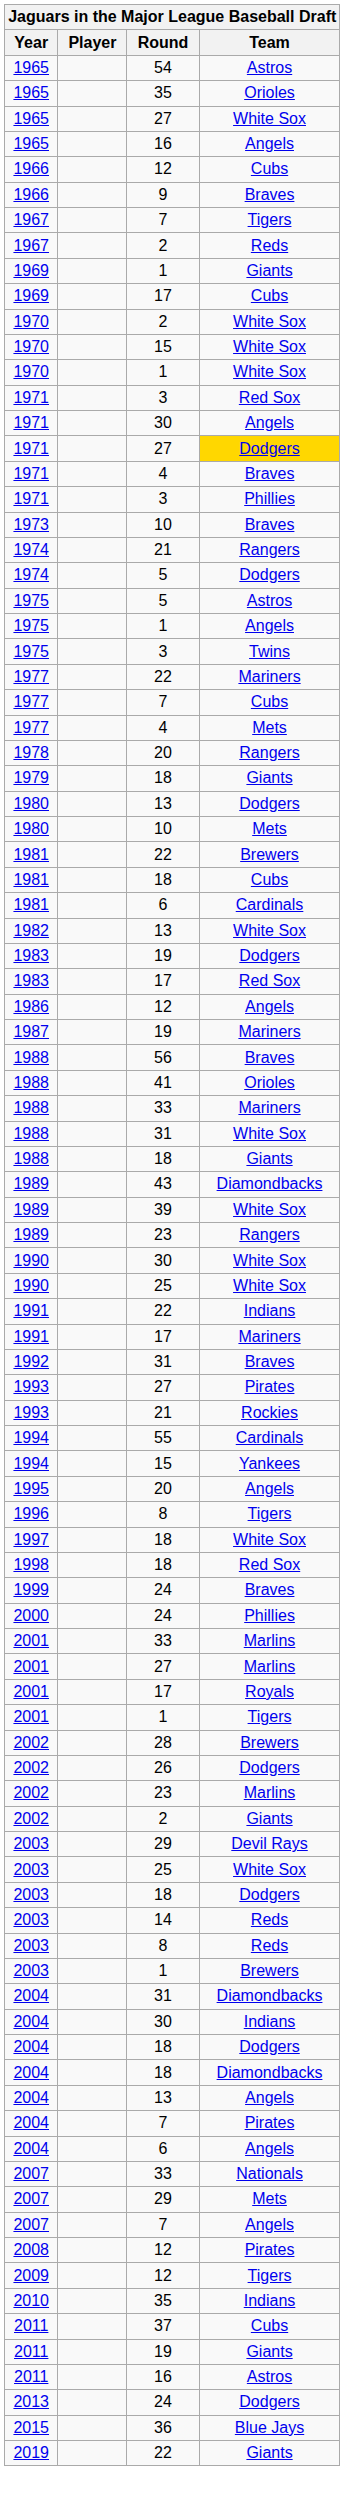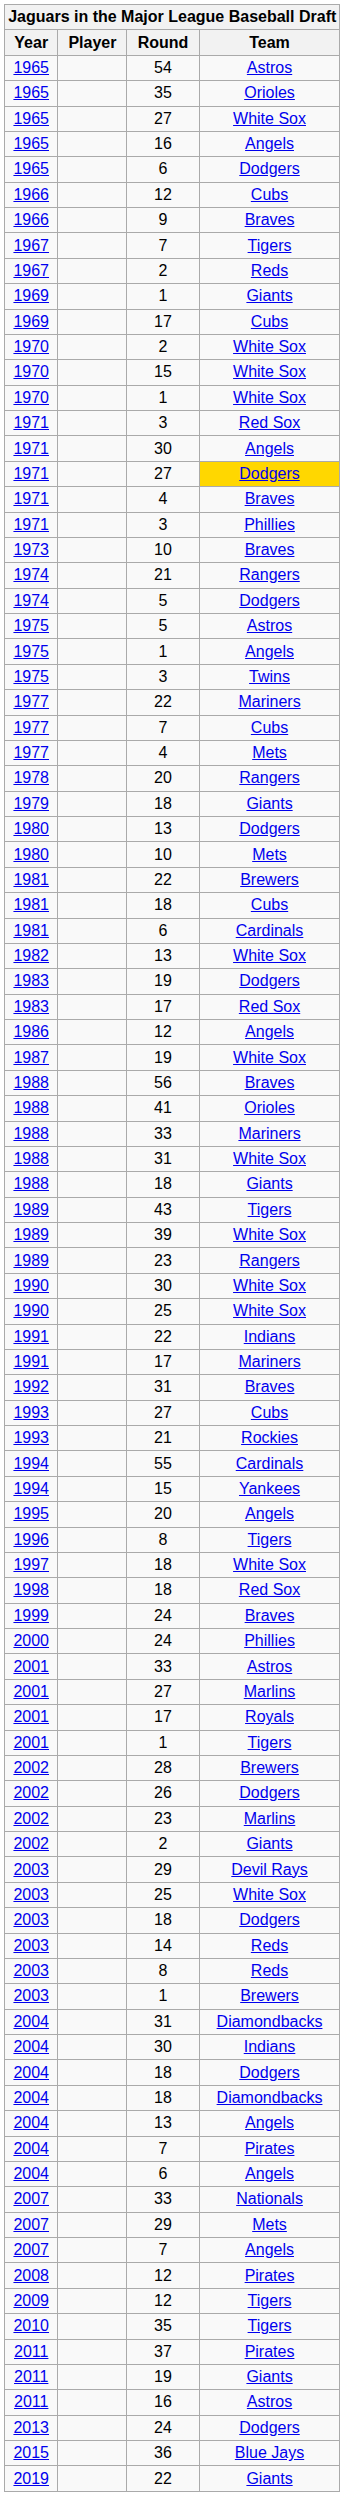 <table class="wikitable sortable collapsible collapsed" style="text-align:center">
 <tr>
 <th colspan=4>Jaguars in the Major League Baseball Draft</th>
 </tr>
 <tr>
 <th>Year</th>
 <th>Player</th>
 <th>Round</th>
 <th>Team</th>
 </tr>
 <tr>
 <td><a href='#'>1965</a></td>
 <td></td>
 <td>54</td>
 <td><a href='#'>Astros</a></td>
 </tr>
 <tr>
 <td><a href='#'>1965</a></td>
 <td></td>
 <td>35</td>
 <td><a href='#'>Orioles</a></td>
 </tr>
 <tr>
 <td><a href='#'>1965</a></td>
 <td></td>
 <td>27</td>
 <td><a href='#'>White Sox</a></td>
 </tr>
 <tr>
 <td><a href='#'>1965</a></td>
 <td></td>
 <td>16</td>
 <td><a href='#'>Angels</a></td>
+</tr>
+<tr>
+<td><a href='#'>1965</a></td>
+<td></td>
+<td>6</td>
+<td><a href='#'>Dodgers</a></td>
 </tr>
 <tr>
 <td><a href='#'>1966</a></td>
 <td></td>
 <td>12</td>
 <td><a href='#'>Cubs</a></td>
 </tr>
 <tr>
 <td><a href='#'>1966</a></td>
 <td></td>
 <td>9</td>
 <td><a href='#'>Braves</a></td>
 </tr>
 <tr>
 <td><a href='#'>1967</a></td>
 <td></td>
 <td>7</td>
 <td><a href='#'>Tigers</a></td>
 </tr>
 <tr>
 <td><a href='#'>1967</a></td>
 <td></td>
 <td>2</td>
 <td><a href='#'>Reds</a></td>
 </tr>
 <tr>
 <td><a href='#'>1969</a></td>
 <td></td>
 <td>1</td>
 <td><a href='#'>Giants</a></td>
 </tr>
 <tr>
 <td><a href='#'>1969</a></td>
 <td></td>
 <td>17</td>
 <td><a href='#'>Cubs</a></td>
 </tr>
 <tr>
 <td><a href='#'>1970</a></td>
 <td></td>
 <td>2</td>
 <td><a href='#'>White Sox</a></td>
 </tr>
 <tr>
 <td><a href='#'>1970</a></td>
 <td></td>
 <td>15</td>
 <td><a href='#'>White Sox</a></td>
 </tr>
 <tr>
 <td><a href='#'>1970</a></td>
 <td></td>
 <td>1</td>
 <td><a href='#'>White Sox</a></td>
 </tr>
 <tr>
 <td><a href='#'>1971</a></td>
 <td></td>
 <td>3</td>
 <td><a href='#'>Red Sox</a></td>
 </tr>
 <tr>
 <td><a href='#'>1971</a></td>
 <td></td>
 <td>30</td>
 <td><a href='#'>Angels</a></td>
 </tr>
 <tr>
 <td><a href='#'>1971</a></td>
 <td></td>
 <td>27</td>
 <td style="background: gold;"><a href='#'>Dodgers</a></td>
 </tr>
 <tr>
 <td><a href='#'>1971</a></td>
 <td></td>
 <td>4</td>
 <td><a href='#'>Braves</a></td>
 </tr>
 <tr>
 <td><a href='#'>1971</a></td>
 <td></td>
 <td>3</td>
 <td><a href='#'>Phillies</a></td>
 </tr>
 <tr>
 <td><a href='#'>1973</a></td>
 <td></td>
 <td>10</td>
 <td><a href='#'>Braves</a></td>
 </tr>
 <tr>
 <td><a href='#'>1974</a></td>
 <td></td>
 <td>21</td>
 <td><a href='#'>Rangers</a></td>
 </tr>
 <tr>
 <td><a href='#'>1974</a></td>
 <td></td>
 <td>5</td>
 <td><a href='#'>Dodgers</a></td>
 </tr>
 <tr>
 <td><a href='#'>1975</a></td>
 <td></td>
 <td>5</td>
 <td><a href='#'>Astros</a></td>
 </tr>
 <tr>
 <td><a href='#'>1975</a></td>
 <td></td>
 <td>1</td>
 <td><a href='#'>Angels</a></td>
 </tr>
 <tr>
 <td><a href='#'>1975</a></td>
 <td></td>
 <td>3</td>
 <td><a href='#'>Twins</a></td>
 </tr>
 <tr>
 <td><a href='#'>1977</a></td>
 <td></td>
 <td>22</td>
 <td><a href='#'>Mariners</a></td>
 </tr>
 <tr>
 <td><a href='#'>1977</a></td>
 <td></td>
 <td>7</td>
 <td><a href='#'>Cubs</a></td>
 </tr>
 <tr>
 <td><a href='#'>1977</a></td>
 <td></td>
 <td>4</td>
 <td><a href='#'>Mets</a></td>
 </tr>
 <tr>
 <td><a href='#'>1978</a></td>
 <td></td>
 <td>20</td>
 <td><a href='#'>Rangers</a></td>
 </tr>
 <tr>
 <td><a href='#'>1979</a></td>
 <td></td>
 <td>18</td>
 <td><a href='#'>Giants</a></td>
 </tr>
 <tr>
 <td><a href='#'>1980</a></td>
 <td></td>
 <td>13</td>
 <td><a href='#'>Dodgers</a></td>
 </tr>
 <tr>
 <td><a href='#'>1980</a></td>
 <td></td>
 <td>10</td>
 <td><a href='#'>Mets</a></td>
 </tr>
 <tr>
 <td><a href='#'>1981</a></td>
 <td></td>
 <td>22</td>
 <td><a href='#'>Brewers</a></td>
 </tr>
 <tr>
 <td><a href='#'>1981</a></td>
 <td></td>
 <td>18</td>
 <td><a href='#'>Cubs</a></td>
 </tr>
 <tr>
 <td><a href='#'>1981</a></td>
 <td></td>
 <td>6</td>
 <td><a href='#'>Cardinals</a></td>
 </tr>
 <tr>
 <td><a href='#'>1982</a></td>
 <td></td>
 <td>13</td>
 <td><a href='#'>White Sox</a></td>
 </tr>
 <tr>
 <td><a href='#'>1983</a></td>
 <td></td>
 <td>19</td>
 <td><a href='#'>Dodgers</a></td>
 </tr>
 <tr>
 <td><a href='#'>1983</a></td>
 <td></td>
 <td>17</td>
 <td><a href='#'>Red Sox</a></td>
 </tr>
 <tr>
 <td><a href='#'>1986</a></td>
 <td></td>
 <td>12</td>
 <td><a href='#'>Angels</a></td>
 </tr>
 <tr>
 <td><a href='#'>1987</a></td>
 <td></td>
 <td>19</td>
-<td><a href='#'>Mariners</a></td>
+<td><a href='#'>White Sox</a></td>
 </tr>
 <tr>
 <td><a href='#'>1988</a></td>
 <td></td>
 <td>56</td>
 <td><a href='#'>Braves</a></td>
 </tr>
 <tr>
 <td><a href='#'>1988</a></td>
 <td></td>
 <td>41</td>
 <td><a href='#'>Orioles</a></td>
 </tr>
 <tr>
 <td><a href='#'>1988</a></td>
 <td></td>
 <td>33</td>
 <td><a href='#'>Mariners</a></td>
 </tr>
 <tr>
 <td><a href='#'>1988</a></td>
 <td></td>
 <td>31</td>
 <td><a href='#'>White Sox</a></td>
 </tr>
 <tr>
 <td><a href='#'>1988</a></td>
 <td></td>
 <td>18</td>
 <td><a href='#'>Giants</a></td>
 </tr>
 <tr>
 <td><a href='#'>1989</a></td>
 <td></td>
 <td>43</td>
-<td><a href='#'>Diamondbacks</a></td>
+<td><a href='#'>Tigers</a></td>
 </tr>
 <tr>
 <td><a href='#'>1989</a></td>
 <td></td>
 <td>39</td>
 <td><a href='#'>White Sox</a></td>
 </tr>
 <tr>
 <td><a href='#'>1989</a></td>
 <td></td>
 <td>23</td>
 <td><a href='#'>Rangers</a></td>
 </tr>
 <tr>
 <td><a href='#'>1990</a></td>
 <td></td>
 <td>30</td>
 <td><a href='#'>White Sox</a></td>
 </tr>
 <tr>
 <td><a href='#'>1990</a></td>
 <td></td>
 <td>25</td>
 <td><a href='#'>White Sox</a></td>
 </tr>
 <tr>
 <td><a href='#'>1991</a></td>
 <td></td>
 <td>22</td>
 <td><a href='#'>Indians</a></td>
 </tr>
 <tr>
 <td><a href='#'>1991</a></td>
 <td></td>
 <td>17</td>
 <td><a href='#'>Mariners</a></td>
 </tr>
 <tr>
 <td><a href='#'>1992</a></td>
 <td></td>
 <td>31</td>
 <td><a href='#'>Braves</a></td>
 </tr>
 <tr>
 <td><a href='#'>1993</a></td>
 <td></td>
 <td>27</td>
-<td><a href='#'>Pirates</a></td>
+<td><a href='#'>Cubs</a></td>
 </tr>
 <tr>
 <td><a href='#'>1993</a></td>
 <td></td>
 <td>21</td>
 <td><a href='#'>Rockies</a></td>
 </tr>
 <tr>
 <td><a href='#'>1994</a></td>
 <td></td>
 <td>55</td>
 <td><a href='#'>Cardinals</a></td>
 </tr>
 <tr>
 <td><a href='#'>1994</a></td>
 <td></td>
 <td>15</td>
 <td><a href='#'>Yankees</a></td>
 </tr>
 <tr>
 <td><a href='#'>1995</a></td>
 <td></td>
 <td>20</td>
 <td><a href='#'>Angels</a></td>
 </tr>
 <tr>
 <td><a href='#'>1996</a></td>
 <td></td>
 <td>8</td>
 <td><a href='#'>Tigers</a></td>
 </tr>
 <tr>
 <td><a href='#'>1997</a></td>
 <td></td>
 <td>18</td>
 <td><a href='#'>White Sox</a></td>
 </tr>
 <tr>
 <td><a href='#'>1998</a></td>
 <td></td>
 <td>18</td>
 <td><a href='#'>Red Sox</a></td>
 </tr>
 <tr>
 <td><a href='#'>1999</a></td>
 <td></td>
 <td>24</td>
 <td><a href='#'>Braves</a></td>
 </tr>
 <tr>
 <td><a href='#'>2000</a></td>
 <td></td>
 <td>24</td>
 <td><a href='#'>Phillies</a></td>
 </tr>
 <tr>
 <td><a href='#'>2001</a></td>
 <td></td>
 <td>33</td>
-<td><a href='#'>Marlins</a></td>
+<td><a href='#'>Astros</a></td>
 </tr>
 <tr>
 <td><a href='#'>2001</a></td>
 <td></td>
 <td>27</td>
 <td><a href='#'>Marlins</a></td>
 </tr>
 <tr>
 <td><a href='#'>2001</a></td>
 <td></td>
 <td>17</td>
 <td><a href='#'>Royals</a></td>
 </tr>
 <tr>
 <td><a href='#'>2001</a></td>
 <td></td>
 <td>1</td>
 <td><a href='#'>Tigers</a></td>
 </tr>
 <tr>
 <td><a href='#'>2002</a></td>
 <td></td>
 <td>28</td>
 <td><a href='#'>Brewers</a></td>
 </tr>
 <tr>
 <td><a href='#'>2002</a></td>
 <td></td>
 <td>26</td>
 <td><a href='#'>Dodgers</a></td>
 </tr>
 <tr>
 <td><a href='#'>2002</a></td>
 <td></td>
 <td>23</td>
 <td><a href='#'>Marlins</a></td>
 </tr>
 <tr>
 <td><a href='#'>2002</a></td>
 <td></td>
 <td>2</td>
 <td><a href='#'>Giants</a></td>
 </tr>
 <tr>
 <td><a href='#'>2003</a></td>
 <td></td>
 <td>29</td>
 <td><a href='#'>Devil Rays</a></td>
 </tr>
 <tr>
 <td><a href='#'>2003</a></td>
 <td></td>
 <td>25</td>
 <td><a href='#'>White Sox</a></td>
 </tr>
 <tr>
 <td><a href='#'>2003</a></td>
 <td></td>
 <td>18</td>
 <td><a href='#'>Dodgers</a></td>
 </tr>
 <tr>
 <td><a href='#'>2003</a></td>
 <td></td>
 <td>14</td>
 <td><a href='#'>Reds</a></td>
 </tr>
 <tr>
 <td><a href='#'>2003</a></td>
 <td></td>
 <td>8</td>
 <td><a href='#'>Reds</a></td>
 </tr>
 <tr>
 <td><a href='#'>2003</a></td>
 <td></td>
 <td>1</td>
 <td><a href='#'>Brewers</a></td>
 </tr>
 <tr>
 <td><a href='#'>2004</a></td>
 <td></td>
 <td>31</td>
 <td><a href='#'>Diamondbacks</a></td>
 </tr>
 <tr>
 <td><a href='#'>2004</a></td>
 <td></td>
 <td>30</td>
 <td><a href='#'>Indians</a></td>
 </tr>
 <tr>
 <td><a href='#'>2004</a></td>
 <td></td>
 <td>18</td>
 <td><a href='#'>Dodgers</a></td>
 </tr>
 <tr>
 <td><a href='#'>2004</a></td>
 <td></td>
 <td>18</td>
 <td><a href='#'>Diamondbacks</a></td>
 </tr>
 <tr>
 <td><a href='#'>2004</a></td>
 <td></td>
 <td>13</td>
 <td><a href='#'>Angels</a></td>
 </tr>
 <tr>
 <td><a href='#'>2004</a></td>
 <td></td>
 <td>7</td>
 <td><a href='#'>Pirates</a></td>
 </tr>
 <tr>
 <td><a href='#'>2004</a></td>
 <td></td>
 <td>6</td>
 <td><a href='#'>Angels</a></td>
 </tr>
 <tr>
 <td><a href='#'>2007</a></td>
 <td></td>
 <td>33</td>
 <td><a href='#'>Nationals</a></td>
 </tr>
 <tr>
 <td><a href='#'>2007</a></td>
 <td></td>
 <td>29</td>
 <td><a href='#'>Mets</a></td>
 </tr>
 <tr>
 <td><a href='#'>2007</a></td>
 <td></td>
 <td>7</td>
 <td><a href='#'>Angels</a></td>
 </tr>
 <tr>
 <td><a href='#'>2008</a></td>
 <td></td>
 <td>12</td>
 <td><a href='#'>Pirates</a></td>
 </tr>
 <tr>
 <td><a href='#'>2009</a></td>
 <td></td>
 <td>12</td>
 <td><a href='#'>Tigers</a></td>
 </tr>
 <tr>
 <td><a href='#'>2010</a></td>
 <td></td>
 <td>35</td>
-<td><a href='#'>Indians</a></td>
+<td><a href='#'>Tigers</a></td>
 </tr>
 <tr>
 <td><a href='#'>2011</a></td>
 <td></td>
 <td>37</td>
-<td><a href='#'>Cubs</a></td>
+<td><a href='#'>Pirates</a></td>
 </tr>
 <tr>
 <td><a href='#'>2011</a></td>
 <td></td>
 <td>19</td>
 <td><a href='#'>Giants</a></td>
 </tr>
 <tr>
 <td><a href='#'>2011</a></td>
 <td></td>
 <td>16</td>
 <td><a href='#'>Astros</a></td>
 </tr>
 <tr>
 <td><a href='#'>2013</a></td>
 <td></td>
 <td>24</td>
 <td><a href='#'>Dodgers</a></td>
 </tr>
 <tr>
 <td><a href='#'>2015</a></td>
 <td></td>
 <td>36</td>
 <td><a href='#'>Blue Jays</a></td>
 </tr>
 <tr>
 <td><a href='#'>2019</a></td>
 <td></td>
 <td>22</td>
 <td><a href='#'>Giants</a></td>
 </tr>
 </table>
